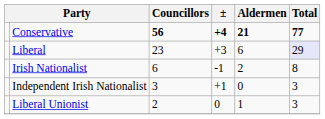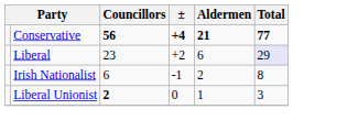 <table class="wikitable">
 <tr>
 <th colspan="2">Party</th>
 <th>Councillors</th>
 <th>  ±  </th>
 <th>Aldermen</th>
 <th>Total</th>
 </tr>
 <tr>
 <td style="background-color: "></td>
 <td><a href='#'>Conservative</a></td>
 <td><strong>56</strong></td>
 <td><strong>+4</strong></td>
 <td><strong>21</strong></td>
 <td><strong>77</strong></td>
 </tr>
 <tr>
 <td style="background-color: "></td>
 <td><a href='#'>Liberal</a></td>
 <td>23</td>
-<td>+3</td>
+<td>+2</td>
 <td>6</td>
 <td style="background: lavender;">29</td>
 </tr>
 <tr>
 <td style="background-color: "></td>
 <td><a href='#'>Irish Nationalist</a></td>
 <td>6</td>
 <td>-1</td>
 <td>2</td>
 <td>8</td>
 </tr>
 <tr>
 <td style="background-color: "></td>
-<td>Independent Irish Nationalist</td>
-<td>3</td>
-<td>+1</td>
-<td>0</td>
-<td>3</td>
-</tr>
-<tr>
-<td style="background-color: "></td>
 <td><a href='#'>Liberal Unionist</a></td>
-<td>2</td>
+<td><strong>2</strong></td>
 <td>0</td>
 <td>1</td>
 <td>3</td>
 </tr>
 <tr>
 </tr>
 </table>
